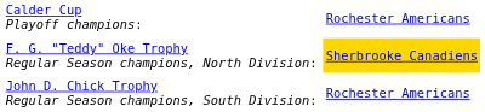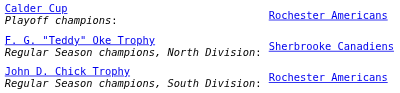 <table cellpadding="3" cellspacing="3">
 <tr>
 <td><a href='#'>Calder Cup</a><br><em>Playoff champions</em>:</td>
 <td><a href='#'>Rochester Americans</a></td>
 </tr>
 <tr>
 <td><a href='#'>F. G. "Teddy" Oke Trophy</a><br><em>Regular Season champions, North Division</em>:</td>
-<td style="background: gold;"><a href='#'>Sherbrooke Canadiens</a></td>
+<td><a href='#'>Sherbrooke Canadiens</a></td>
 </tr>
 <tr>
 <td><a href='#'>John D. Chick Trophy</a><br><em>Regular Season champions, South Division</em>:</td>
 <td><a href='#'>Rochester Americans</a></td>
 </tr>
 </table>
